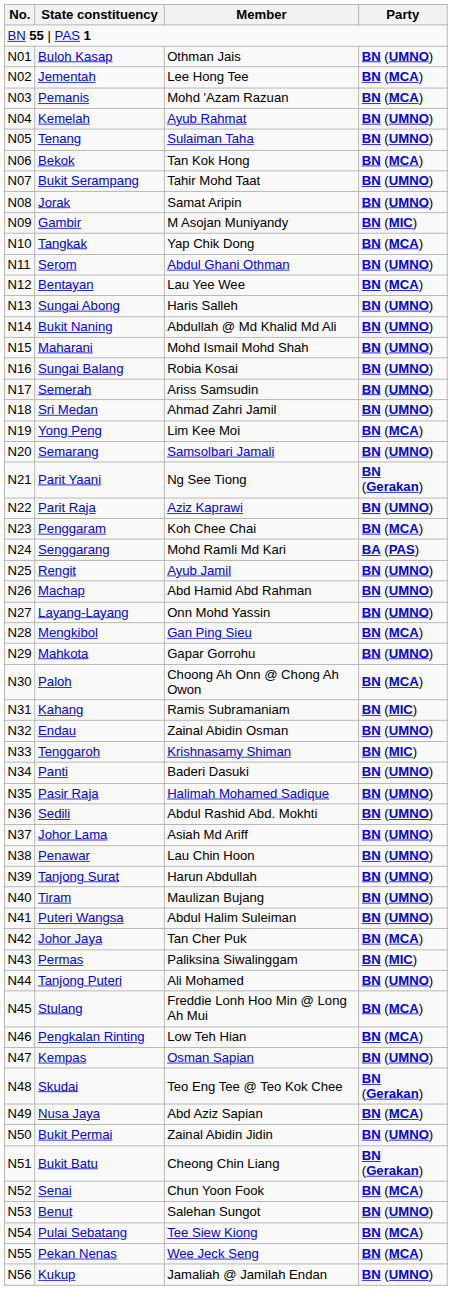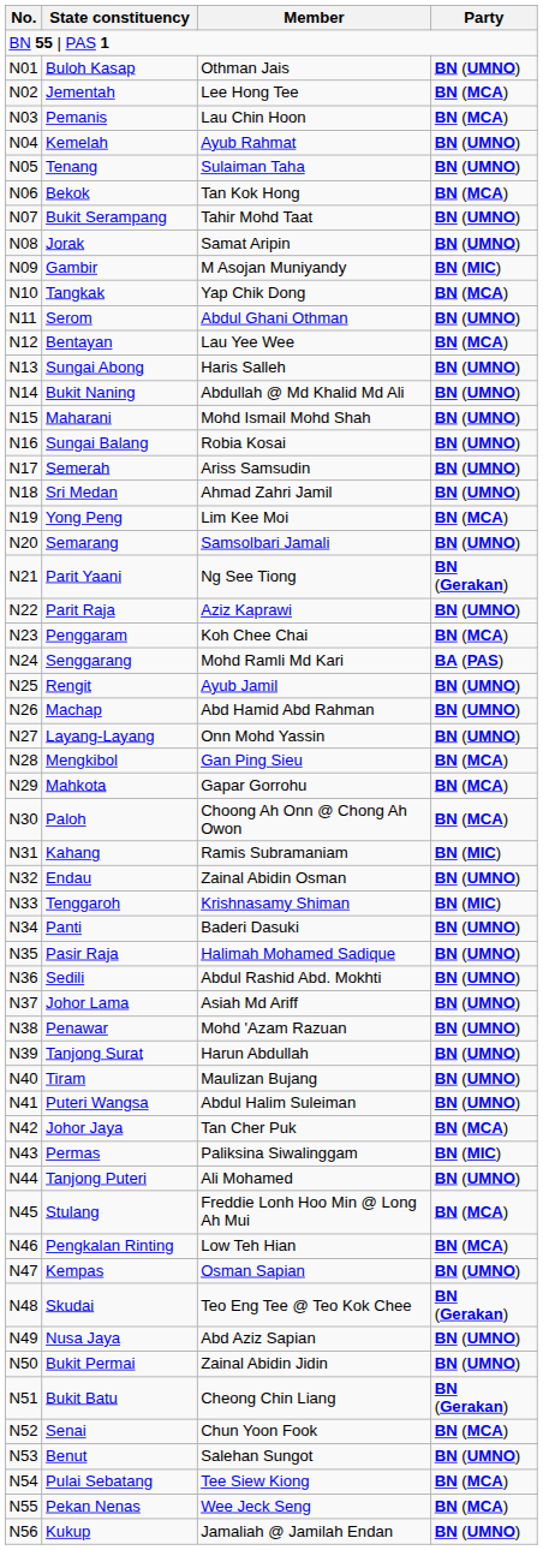 <table class="wikitable sortable">
 <tr>
 <th style="width:30px;">No.</th>
 <th style="width:150px;">State constituency</th>
 <th style="width:230px;">Member</th>
 <th style="width:100px;">Party</th>
 </tr>
 <tr>
 <td colspan="4"><a href='#'>BN</a> <strong>55</strong> | <a href='#'>PAS</a> <strong>1</strong></td>
 </tr>
 <tr>
 <td>N01</td>
 <td><a href='#'>Buloh Kasap</a></td>
 <td>Othman Jais</td>
 <td><strong><a href='#'>BN</a></strong> (<strong><a href='#'>UMNO</a></strong>)</td>
 </tr>
 <tr>
 <td>N02</td>
 <td><a href='#'>Jementah</a></td>
 <td>Lee Hong Tee</td>
 <td><strong><a href='#'>BN</a></strong> (<strong><a href='#'>MCA</a></strong>)</td>
 </tr>
 <tr>
 <td>N03</td>
 <td><a href='#'>Pemanis</a></td>
-<td>Mohd 'Azam Razuan</td>
+<td>Lau Chin Hoon</td>
 <td><strong><a href='#'>BN</a></strong> (<strong><a href='#'>MCA</a></strong>)</td>
 </tr>
 <tr>
 <td>N04</td>
 <td><a href='#'>Kemelah</a></td>
 <td><a href='#'>Ayub Rahmat</a></td>
 <td><strong><a href='#'>BN</a></strong> (<strong><a href='#'>UMNO</a></strong>)</td>
 </tr>
 <tr>
 <td>N05</td>
 <td><a href='#'>Tenang</a></td>
 <td><a href='#'>Sulaiman Taha</a></td>
 <td><strong><a href='#'>BN</a></strong> (<strong><a href='#'>UMNO</a></strong>)</td>
 </tr>
 <tr>
 <td>N06</td>
 <td><a href='#'>Bekok</a></td>
 <td>Tan Kok Hong</td>
 <td><strong><a href='#'>BN</a></strong> (<strong><a href='#'>MCA</a></strong>)</td>
 </tr>
 <tr>
 <td>N07</td>
 <td><a href='#'>Bukit Serampang</a></td>
 <td>Tahir Mohd Taat</td>
 <td><strong><a href='#'>BN</a></strong> (<strong><a href='#'>UMNO</a></strong>)</td>
 </tr>
 <tr>
 <td>N08</td>
 <td><a href='#'>Jorak</a></td>
 <td>Samat Aripin</td>
 <td><strong><a href='#'>BN</a></strong> (<strong><a href='#'>UMNO</a></strong>)</td>
 </tr>
 <tr>
 <td>N09</td>
 <td><a href='#'>Gambir</a></td>
 <td>M Asojan Muniyandy</td>
 <td><strong><a href='#'>BN</a></strong> (<strong><a href='#'>MIC</a></strong>)</td>
 </tr>
 <tr>
 <td>N10</td>
 <td><a href='#'>Tangkak</a></td>
 <td>Yap Chik Dong</td>
 <td><strong><a href='#'>BN</a></strong> (<strong><a href='#'>MCA</a></strong>)</td>
 </tr>
 <tr>
 <td>N11</td>
 <td><a href='#'>Serom</a></td>
 <td><a href='#'>Abdul Ghani Othman</a></td>
 <td><strong><a href='#'>BN</a></strong> (<strong><a href='#'>UMNO</a></strong>)</td>
 </tr>
 <tr>
 <td>N12</td>
 <td><a href='#'>Bentayan</a></td>
 <td>Lau Yee Wee</td>
 <td><strong><a href='#'>BN</a></strong> (<strong><a href='#'>MCA</a></strong>)</td>
 </tr>
 <tr>
 <td>N13</td>
 <td><a href='#'>Sungai Abong</a></td>
 <td>Haris Salleh</td>
 <td><strong><a href='#'>BN</a></strong> (<strong><a href='#'>UMNO</a></strong>)</td>
 </tr>
 <tr>
 <td>N14</td>
 <td><a href='#'>Bukit Naning</a></td>
 <td>Abdullah @ Md Khalid Md Ali</td>
 <td><strong><a href='#'>BN</a></strong> (<strong><a href='#'>UMNO</a></strong>)</td>
 </tr>
 <tr>
 <td>N15</td>
 <td><a href='#'>Maharani</a></td>
 <td>Mohd Ismail Mohd Shah</td>
 <td><strong><a href='#'>BN</a></strong> (<strong><a href='#'>UMNO</a></strong>)</td>
 </tr>
 <tr>
 <td>N16</td>
 <td><a href='#'>Sungai Balang</a></td>
 <td>Robia Kosai</td>
 <td><strong><a href='#'>BN</a></strong> (<strong><a href='#'>UMNO</a></strong>)</td>
 </tr>
 <tr>
 <td>N17</td>
 <td><a href='#'>Semerah</a></td>
 <td>Ariss Samsudin</td>
 <td><strong><a href='#'>BN</a></strong> (<strong><a href='#'>UMNO</a></strong>)</td>
 </tr>
 <tr>
 <td>N18</td>
 <td><a href='#'>Sri Medan</a></td>
 <td>Ahmad Zahri Jamil</td>
 <td><strong><a href='#'>BN</a></strong> (<strong><a href='#'>UMNO</a></strong>)</td>
 </tr>
 <tr>
 <td>N19</td>
 <td><a href='#'>Yong Peng</a></td>
 <td>Lim Kee Moi</td>
 <td><strong><a href='#'>BN</a></strong> (<strong><a href='#'>MCA</a></strong>)</td>
 </tr>
 <tr>
 <td>N20</td>
 <td><a href='#'>Semarang</a></td>
 <td><a href='#'>Samsolbari Jamali</a></td>
 <td><strong><a href='#'>BN</a></strong> (<strong><a href='#'>UMNO</a></strong>)</td>
 </tr>
 <tr>
 <td>N21</td>
 <td><a href='#'>Parit Yaani</a></td>
 <td>Ng See Tiong</td>
 <td><strong><a href='#'>BN</a></strong> (<strong><a href='#'>Gerakan</a></strong>)</td>
 </tr>
 <tr>
 <td>N22</td>
 <td><a href='#'>Parit Raja</a></td>
 <td><a href='#'>Aziz Kaprawi</a></td>
 <td><strong><a href='#'>BN</a></strong> (<strong><a href='#'>UMNO</a></strong>)</td>
 </tr>
 <tr>
 <td>N23</td>
 <td><a href='#'>Penggaram</a></td>
 <td>Koh Chee Chai</td>
 <td><strong><a href='#'>BN</a></strong> (<strong><a href='#'>MCA</a></strong>)</td>
 </tr>
 <tr>
 <td>N24</td>
 <td><a href='#'>Senggarang</a></td>
 <td>Mohd Ramli Md Kari</td>
 <td><strong><a href='#'>BA</a></strong> (<strong><a href='#'>PAS</a></strong>)</td>
 </tr>
 <tr>
 <td>N25</td>
 <td><a href='#'>Rengit</a></td>
 <td><a href='#'>Ayub Jamil</a></td>
 <td><strong><a href='#'>BN</a></strong> (<strong><a href='#'>UMNO</a></strong>)</td>
 </tr>
 <tr>
 <td>N26</td>
 <td><a href='#'>Machap</a></td>
 <td>Abd Hamid Abd Rahman</td>
 <td><strong><a href='#'>BN</a></strong> (<strong><a href='#'>UMNO</a></strong>)</td>
 </tr>
 <tr>
 <td>N27</td>
 <td><a href='#'>Layang-Layang</a></td>
 <td>Onn Mohd Yassin</td>
 <td><strong><a href='#'>BN</a></strong> (<strong><a href='#'>UMNO</a></strong>)</td>
 </tr>
 <tr>
 <td>N28</td>
 <td><a href='#'>Mengkibol</a></td>
 <td><a href='#'>Gan Ping Sieu</a></td>
 <td><strong><a href='#'>BN</a></strong> (<strong><a href='#'>MCA</a></strong>)</td>
 </tr>
 <tr>
 <td>N29</td>
 <td><a href='#'>Mahkota</a></td>
 <td>Gapar Gorrohu</td>
-<td><strong><a href='#'>BN</a></strong> (<strong><a href='#'>UMNO</a></strong>)</td>
+<td><strong><a href='#'>BN</a></strong> (<strong><a href='#'>MCA</a></strong>)</td>
 </tr>
 <tr>
 <td>N30</td>
 <td><a href='#'>Paloh</a></td>
 <td>Choong Ah Onn @ Chong Ah Owon</td>
 <td><strong><a href='#'>BN</a></strong> (<strong><a href='#'>MCA</a></strong>)</td>
 </tr>
 <tr>
 <td>N31</td>
 <td><a href='#'>Kahang</a></td>
 <td>Ramis Subramaniam</td>
 <td><strong><a href='#'>BN</a></strong> (<strong><a href='#'>MIC</a></strong>)</td>
 </tr>
 <tr>
 <td>N32</td>
 <td><a href='#'>Endau</a></td>
 <td>Zainal Abidin Osman</td>
 <td><strong><a href='#'>BN</a></strong> (<strong><a href='#'>UMNO</a></strong>)</td>
 </tr>
 <tr>
 <td>N33</td>
 <td><a href='#'>Tenggaroh</a></td>
 <td><a href='#'>Krishnasamy Shiman</a></td>
 <td><strong><a href='#'>BN</a></strong> (<strong><a href='#'>MIC</a></strong>)</td>
 </tr>
 <tr>
 <td>N34</td>
 <td><a href='#'>Panti</a></td>
 <td>Baderi Dasuki</td>
 <td><strong><a href='#'>BN</a></strong> (<strong><a href='#'>UMNO</a></strong>)</td>
 </tr>
 <tr>
 <td>N35</td>
 <td><a href='#'>Pasir Raja</a></td>
 <td><a href='#'>Halimah Mohamed Sadique</a></td>
 <td><strong><a href='#'>BN</a></strong> (<strong><a href='#'>UMNO</a></strong>)</td>
 </tr>
 <tr>
 <td>N36</td>
 <td><a href='#'>Sedili</a></td>
 <td>Abdul Rashid Abd. Mokhti</td>
 <td><strong><a href='#'>BN</a></strong> (<strong><a href='#'>UMNO</a></strong>)</td>
 </tr>
 <tr>
 <td>N37</td>
 <td><a href='#'>Johor Lama</a></td>
 <td>Asiah Md Ariff</td>
 <td><strong><a href='#'>BN</a></strong> (<strong><a href='#'>UMNO</a></strong>)</td>
 </tr>
 <tr>
 <td>N38</td>
 <td><a href='#'>Penawar</a></td>
-<td>Lau Chin Hoon</td>
+<td>Mohd 'Azam Razuan</td>
 <td><strong><a href='#'>BN</a></strong> (<strong><a href='#'>UMNO</a></strong>)</td>
 </tr>
 <tr>
 <td>N39</td>
 <td><a href='#'>Tanjong Surat</a></td>
 <td>Harun Abdullah</td>
 <td><strong><a href='#'>BN</a></strong> (<strong><a href='#'>UMNO</a></strong>)</td>
 </tr>
 <tr>
 <td>N40</td>
 <td><a href='#'>Tiram</a></td>
 <td>Maulizan Bujang</td>
 <td><strong><a href='#'>BN</a></strong> (<strong><a href='#'>UMNO</a></strong>)</td>
 </tr>
 <tr>
 <td>N41</td>
 <td><a href='#'>Puteri Wangsa</a></td>
 <td>Abdul Halim Suleiman</td>
 <td><strong><a href='#'>BN</a></strong> (<strong><a href='#'>UMNO</a></strong>)</td>
 </tr>
 <tr>
 <td>N42</td>
 <td><a href='#'>Johor Jaya</a></td>
 <td>Tan Cher Puk</td>
 <td><strong><a href='#'>BN</a></strong> (<strong><a href='#'>MCA</a></strong>)</td>
 </tr>
 <tr>
 <td>N43</td>
 <td><a href='#'>Permas</a></td>
 <td>Paliksina Siwalinggam</td>
 <td><strong><a href='#'>BN</a></strong> (<strong><a href='#'>MIC</a></strong>)</td>
 </tr>
 <tr>
 <td>N44</td>
 <td><a href='#'>Tanjong Puteri</a></td>
 <td>Ali Mohamed</td>
 <td><strong><a href='#'>BN</a></strong> (<strong><a href='#'>UMNO</a></strong>)</td>
 </tr>
 <tr>
 <td>N45</td>
 <td><a href='#'>Stulang</a></td>
 <td>Freddie Lonh Hoo Min @ Long Ah Mui</td>
 <td><strong><a href='#'>BN</a></strong> (<strong><a href='#'>MCA</a></strong>)</td>
 </tr>
 <tr>
 <td>N46</td>
 <td><a href='#'>Pengkalan Rinting</a></td>
 <td>Low Teh Hian</td>
 <td><strong><a href='#'>BN</a></strong> (<strong><a href='#'>MCA</a></strong>)</td>
 </tr>
 <tr>
 <td>N47</td>
 <td><a href='#'>Kempas</a></td>
 <td><a href='#'>Osman Sapian</a></td>
 <td><strong><a href='#'>BN</a></strong> (<strong><a href='#'>UMNO</a></strong>)</td>
 </tr>
 <tr>
 <td>N48</td>
 <td><a href='#'>Skudai</a></td>
 <td>Teo Eng Tee @ Teo Kok Chee</td>
 <td><strong><a href='#'>BN</a></strong> (<strong><a href='#'>Gerakan</a></strong>)</td>
 </tr>
 <tr>
 <td>N49</td>
 <td><a href='#'>Nusa Jaya</a></td>
 <td>Abd Aziz Sapian</td>
-<td><strong><a href='#'>BN</a></strong> (<strong><a href='#'>MCA</a></strong>)</td>
+<td><strong><a href='#'>BN</a></strong> (<strong><a href='#'>UMNO</a></strong>)</td>
 </tr>
 <tr>
 <td>N50</td>
 <td><a href='#'>Bukit Permai</a></td>
 <td>Zainal Abidin Jidin</td>
 <td><strong><a href='#'>BN</a></strong> (<strong><a href='#'>UMNO</a></strong>)</td>
 </tr>
 <tr>
 <td>N51</td>
 <td><a href='#'>Bukit Batu</a></td>
 <td>Cheong Chin Liang</td>
 <td><strong><a href='#'>BN</a></strong> (<strong><a href='#'>Gerakan</a></strong>)</td>
 </tr>
 <tr>
 <td>N52</td>
 <td><a href='#'>Senai</a></td>
 <td>Chun Yoon Fook</td>
 <td><strong><a href='#'>BN</a></strong> (<strong><a href='#'>MCA</a></strong>)</td>
 </tr>
 <tr>
 <td>N53</td>
 <td><a href='#'>Benut</a></td>
 <td>Salehan Sungot</td>
 <td><strong><a href='#'>BN</a></strong> (<strong><a href='#'>UMNO</a></strong>)</td>
 </tr>
 <tr>
 <td>N54</td>
 <td><a href='#'>Pulai Sebatang</a></td>
 <td><a href='#'>Tee Siew Kiong</a></td>
 <td><strong><a href='#'>BN</a></strong> (<strong><a href='#'>MCA</a></strong>)</td>
 </tr>
 <tr>
 <td>N55</td>
 <td><a href='#'>Pekan Nenas</a></td>
 <td><a href='#'>Wee Jeck Seng</a></td>
 <td><strong><a href='#'>BN</a></strong> (<strong><a href='#'>MCA</a></strong>)</td>
 </tr>
 <tr>
 <td>N56</td>
 <td><a href='#'>Kukup</a></td>
 <td>Jamaliah @ Jamilah Endan</td>
 <td><strong><a href='#'>BN</a></strong> (<strong><a href='#'>UMNO</a></strong>)</td>
 </tr>
 </table>
